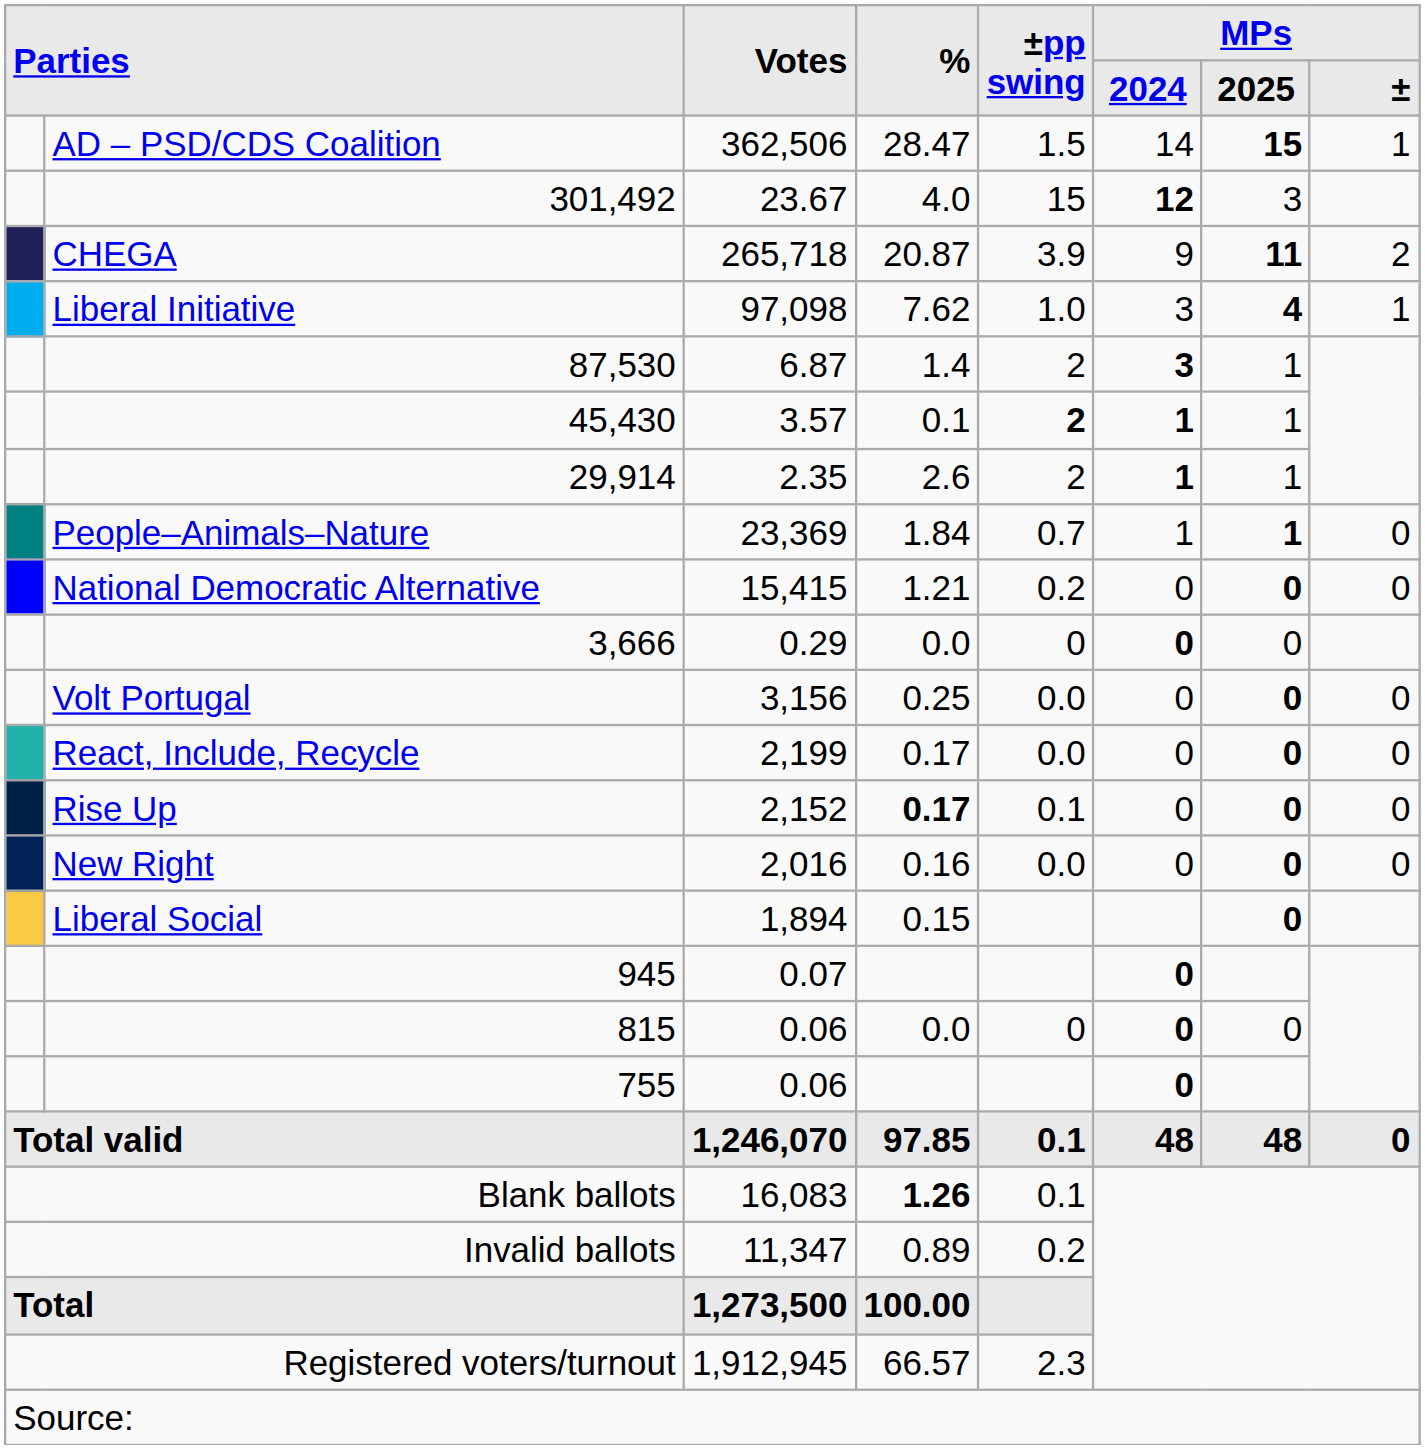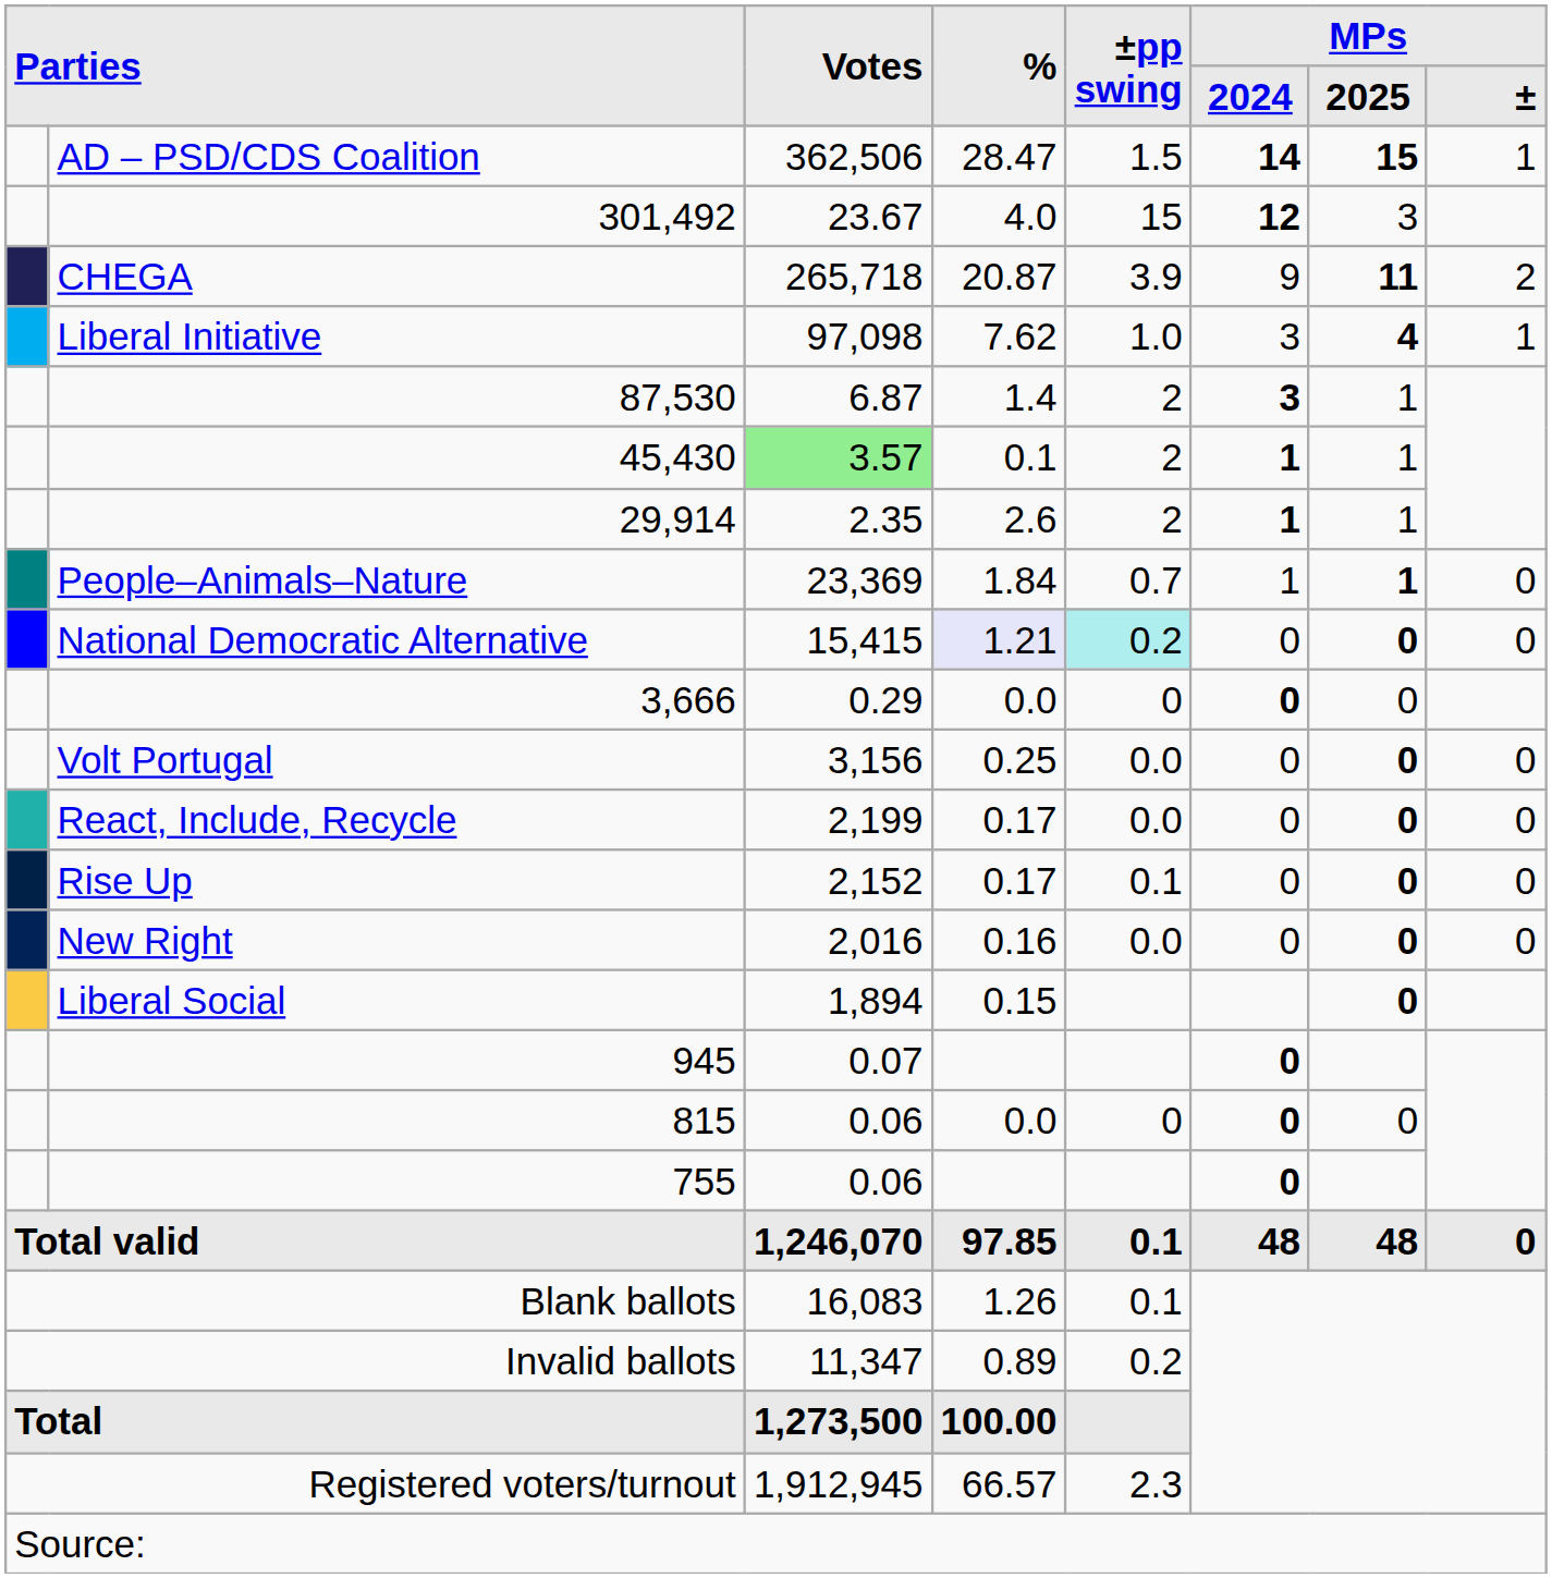 <table class="wikitable" style="text-align:right; font-size:95%;">
 <tr>
 <th rowspan="2" colspan="2" style="background:#e9e9e9; text-align:left;" alignleft><a href='#'>Parties</a></th>
 <th rowspan="2" style="background:#e9e9e9; text-align:right;">Votes</th>
 <th rowspan="2" style="background:#e9e9e9; text-align:right;">%</th>
 <th rowspan="2" style="background:#e9e9e9; text-align:right;">±<a href='#'>pp</a> <a href='#'>swing</a></th>
 <th colspan="3" style="background:#e9e9e9; text-align:center;"><a href='#'>MPs</a></th>
 </tr>
 <tr style="background-color:#E9E9E9">
 <th style="background-color:#E9E9E9;text-align:center;"><a href='#'>2024</a></th>
 <th style="background-color:#E9E9E9;text-align:center;">2025</th>
 <th style="background:#e9e9e9; text-align:right;">±</th>
 </tr>
 <tr>
 <td style="width: 10px" bgcolor=></td>
 <td align="left"><a href='#'>AD – PSD/CDS Coalition</a> </td>
 <td>362,506</td>
 <td>28.47</td>
 <td>1.5</td>
-<td>14</td>
+<td><strong>14</strong></td>
 <td><strong>15</strong></td>
 <td>1</td>
 </tr>
 <tr>
 <td></td>
 <td>301,492</td>
 <td>23.67</td>
 <td>4.0</td>
 <td>15</td>
 <td><strong>12</strong></td>
 <td>3</td>
 </tr>
 <tr>
 <td style="width: 10px" bgcolor="#202056" align="center"></td>
 <td align="left"><a href='#'>CHEGA</a></td>
 <td>265,718</td>
 <td>20.87</td>
 <td>3.9</td>
 <td>9</td>
 <td><strong>11</strong></td>
 <td>2</td>
 </tr>
 <tr>
 <td style="width: 10px" bgcolor="#00ADEF" align="center"></td>
 <td align="left"><a href='#'>Liberal Initiative</a></td>
 <td>97,098</td>
 <td>7.62</td>
 <td>1.0</td>
 <td>3</td>
 <td><strong>4</strong></td>
 <td>1</td>
 </tr>
 <tr>
 <td></td>
 <td>87,530</td>
 <td>6.87</td>
 <td>1.4</td>
 <td>2</td>
 <td><strong>3</strong></td>
 <td>1</td>
 </tr>
 <tr>
 <td></td>
 <td>45,430</td>
-<td>3.57</td>
+<td style="background: lightgreen;">3.57</td>
 <td>0.1</td>
-<td><strong>2</strong></td>
+<td>2</td>
 <td><strong>1</strong></td>
 <td>1</td>
 </tr>
 <tr>
 <td></td>
 <td>29,914</td>
 <td>2.35</td>
 <td>2.6</td>
 <td>2</td>
 <td><strong>1</strong></td>
 <td>1</td>
 </tr>
 <tr>
 <td style="width: 10px" bgcolor="teal" align="center"></td>
 <td align="left"><a href='#'>People–Animals–Nature</a></td>
 <td>23,369</td>
 <td>1.84</td>
 <td>0.7</td>
 <td>1</td>
 <td><strong>1</strong></td>
 <td>0</td>
 </tr>
 <tr>
 <td style="width: 10px" bgcolor="blue" align="center"></td>
 <td align="left"><a href='#'>National Democratic Alternative</a></td>
 <td>15,415</td>
-<td>1.21</td>
-<td>0.2</td>
+<td style="background: lavender;">1.21</td>
+<td style="background: paleturquoise;">0.2</td>
 <td>0</td>
 <td><strong>0</strong></td>
 <td>0</td>
 </tr>
 <tr>
 <td></td>
 <td>3,666</td>
 <td>0.29</td>
 <td>0.0</td>
 <td>0</td>
 <td><strong>0</strong></td>
 <td>0</td>
 </tr>
 <tr>
 <td style="width: 10px"></td>
 <td align="left"><a href='#'>Volt Portugal</a></td>
 <td>3,156</td>
 <td>0.25</td>
 <td>0.0</td>
 <td>0</td>
 <td><strong>0</strong></td>
 <td>0</td>
 </tr>
 <tr>
 <td style="width: 10px" bgcolor="LightSeaGreen" align="center"></td>
 <td align="left"><a href='#'>React, Include, Recycle</a></td>
 <td>2,199</td>
 <td>0.17</td>
 <td>0.0</td>
 <td>0</td>
 <td><strong>0</strong></td>
 <td>0</td>
 </tr>
 <tr>
 <td style="width: 10px" bgcolor="#002147" align="center"></td>
 <td align="left"><a href='#'>Rise Up</a></td>
 <td>2,152</td>
-<td><strong>0.17</strong></td>
+<td>0.17</td>
 <td>0.1</td>
 <td>0</td>
 <td><strong>0</strong></td>
 <td>0</td>
 </tr>
 <tr>
 <td style="width: 10px" bgcolor="#012257" align="center"></td>
 <td align="left"><a href='#'>New Right</a></td>
 <td>2,016</td>
 <td>0.16</td>
 <td>0.0</td>
 <td>0</td>
 <td><strong>0</strong></td>
 <td>0</td>
 </tr>
 <tr>
 <td style="width: 10px" bgcolor="#fbca44" align="center"></td>
 <td align="left"><a href='#'>Liberal Social</a></td>
 <td>1,894</td>
 <td>0.15</td>
 <td></td>
 <td></td>
 <td><strong>0</strong></td>
 <td></td>
 </tr>
 <tr>
 <td></td>
 <td>945</td>
 <td>0.07</td>
 <td></td>
 <td></td>
 <td><strong>0</strong></td>
 <td></td>
 </tr>
 <tr>
 <td></td>
 <td>815</td>
 <td>0.06</td>
 <td>0.0</td>
 <td>0</td>
 <td><strong>0</strong></td>
 <td>0</td>
 </tr>
 <tr>
 <td></td>
 <td>755</td>
 <td>0.06</td>
 <td></td>
 <td></td>
 <td><strong>0</strong></td>
 <td></td>
 </tr>
 <tr>
 <td colspan=2 width="288" align=left style="background-color:#E9E9E9"><strong>Total valid</strong></td>
 <td width="65" align="right" style="background-color:#E9E9E9"><strong>1,246,070</strong></td>
 <td width="40" align="right" style="background-color:#E9E9E9"><strong>97.85</strong></td>
 <td width="40" align="right" style="background-color:#E9E9E9"><strong>0.1</strong></td>
 <td width="40" align="right" style="background-color:#E9E9E9"><strong>48</strong></td>
 <td width="40" align="right" style="background-color:#E9E9E9"><strong>48</strong></td>
 <td width="40" align="right" style="background-color:#E9E9E9"><strong>0</strong></td>
 </tr>
 <tr>
 <td colspan=2>Blank ballots</td>
 <td>16,083</td>
-<td><strong>1.26</strong></td>
+<td>1.26</td>
 <td>0.1</td>
 <td colspan=3 rowspan=4></td>
 </tr>
 <tr>
 <td colspan=2>Invalid ballots</td>
 <td>11,347</td>
 <td>0.89</td>
 <td>0.2</td>
 </tr>
 <tr>
 <td colspan=2 align=left style="background-color:#E9E9E9"><strong>Total</strong></td>
 <td width="50" align="right" style="background-color:#E9E9E9"><strong>1,273,500</strong></td>
 <td width="40" align="right" style="background-color:#E9E9E9"><strong>100.00</strong></td>
 <td width="40" align="right" style="background-color:#E9E9E9"></td>
 </tr>
 <tr>
 <td colspan=2>Registered voters/turnout</td>
 <td>1,912,945</td>
 <td>66.57</td>
 <td>2.3</td>
 </tr>
 <tr>
 <td colspan=8 align=left>Source: </td>
 </tr>
 </table>
